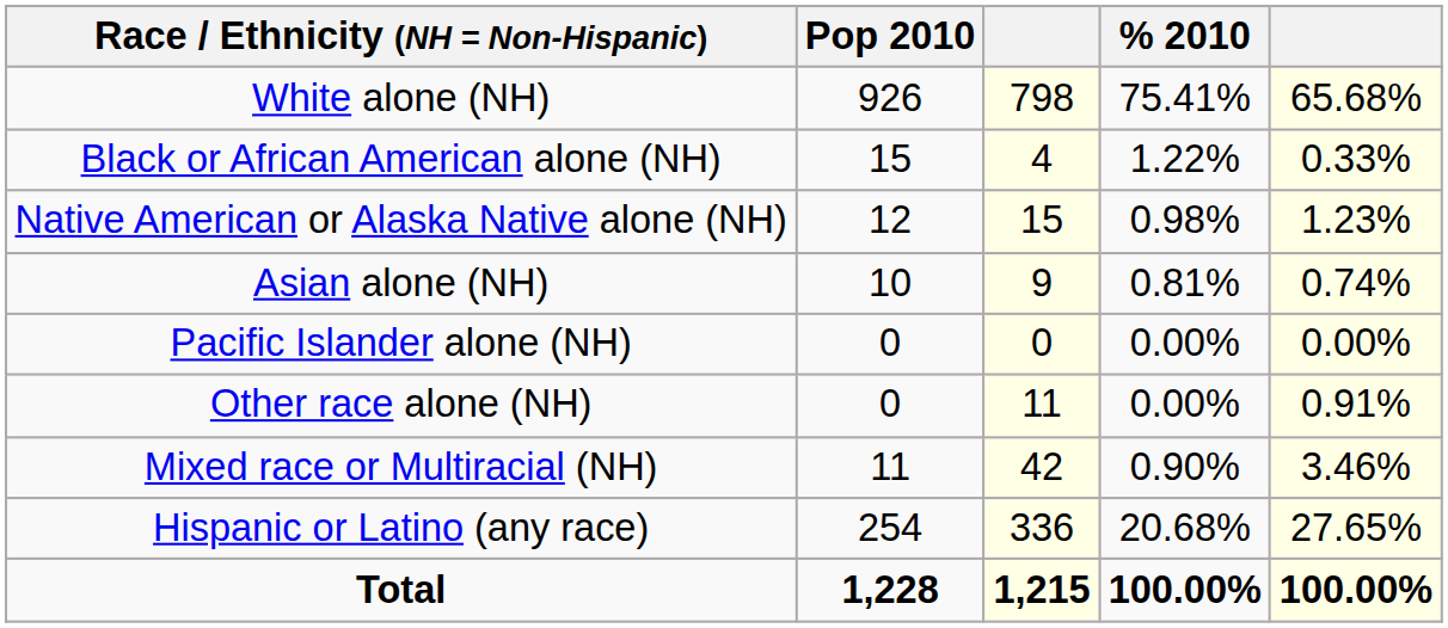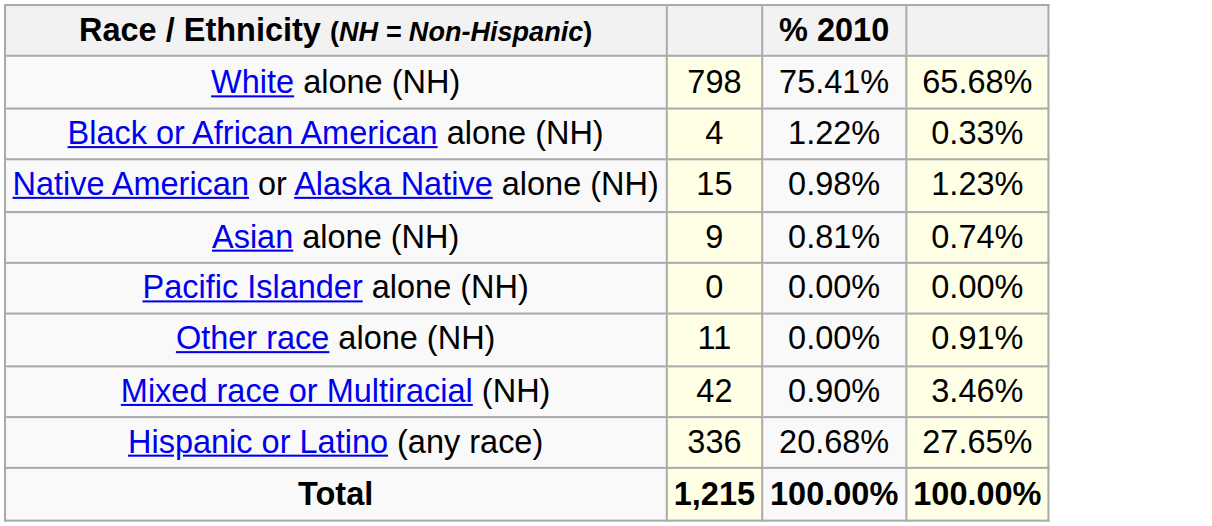 <table class="wikitable" style="text-align:center;">
 <tr>
 <th>Race / Ethnicity <small>(<em>NH = Non-Hispanic</em>)</small></th>
-<th>Pop 2010</th>
 <th></th>
 <th>% 2010</th>
 <th></th>
 </tr>
 <tr>
 <td><a href='#'>White</a> alone (NH)</td>
-<td>926</td>
 <td style='background: #ffffe6;'>798</td>
 <td>75.41%</td>
 <td style='background: #ffffe6;'>65.68%</td>
 </tr>
 <tr>
 <td><a href='#'>Black or African American</a> alone (NH)</td>
-<td>15</td>
 <td style='background: #ffffe6;'>4</td>
 <td>1.22%</td>
 <td style='background: #ffffe6;'>0.33%</td>
 </tr>
 <tr>
 <td><a href='#'>Native American</a> or <a href='#'>Alaska Native</a> alone (NH)</td>
-<td>12</td>
 <td style='background: #ffffe6;'>15</td>
 <td>0.98%</td>
 <td style='background: #ffffe6;'>1.23%</td>
 </tr>
 <tr>
 <td><a href='#'>Asian</a> alone (NH)</td>
-<td>10</td>
 <td style='background: #ffffe6;'>9</td>
 <td>0.81%</td>
 <td style='background: #ffffe6;'>0.74%</td>
 </tr>
 <tr>
 <td><a href='#'>Pacific Islander</a> alone (NH)</td>
-<td>0</td>
 <td style='background: #ffffe6;'>0</td>
 <td>0.00%</td>
 <td style='background: #ffffe6;'>0.00%</td>
 </tr>
 <tr>
 <td><a href='#'>Other race</a> alone (NH)</td>
-<td>0</td>
 <td style='background: #ffffe6;'>11</td>
 <td>0.00%</td>
 <td style='background: #ffffe6;'>0.91%</td>
 </tr>
 <tr>
 <td><a href='#'>Mixed race or Multiracial</a> (NH)</td>
-<td>11</td>
 <td style='background: #ffffe6;'>42</td>
 <td>0.90%</td>
 <td style='background: #ffffe6;'>3.46%</td>
 </tr>
 <tr>
 <td><a href='#'>Hispanic or Latino</a> (any race)</td>
-<td>254</td>
 <td style='background: #ffffe6;'>336</td>
 <td>20.68%</td>
 <td style='background: #ffffe6;'>27.65%</td>
 </tr>
 <tr>
 <td><strong>Total</strong></td>
-<td><strong>1,228</strong></td>
 <td style='background: #ffffe6;'><strong>1,215</strong></td>
 <td><strong>100.00%</strong></td>
 <td style='background: #ffffe6;'><strong>100.00%</strong></td>
 </tr>
 </table>
